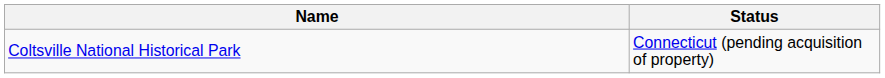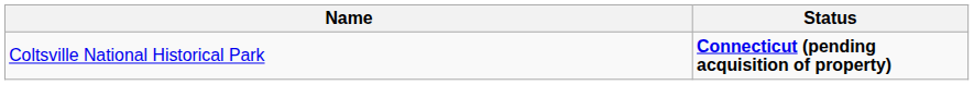 <table class="sortable wikitable" style="width:70%">
 <tr>
 <th style="width:50%;">Name</th>
 <th style="width:20%;">Status</th>
 </tr>
 <tr>
 <td><a href='#'>Coltsville National Historical Park</a></td>
-<td><a href='#'>Connecticut</a> (pending acquisition of property)</td>
+<td><strong><a href='#'>Connecticut</a> (pending acquisition of property)</strong></td>
 </tr>
 </table>
